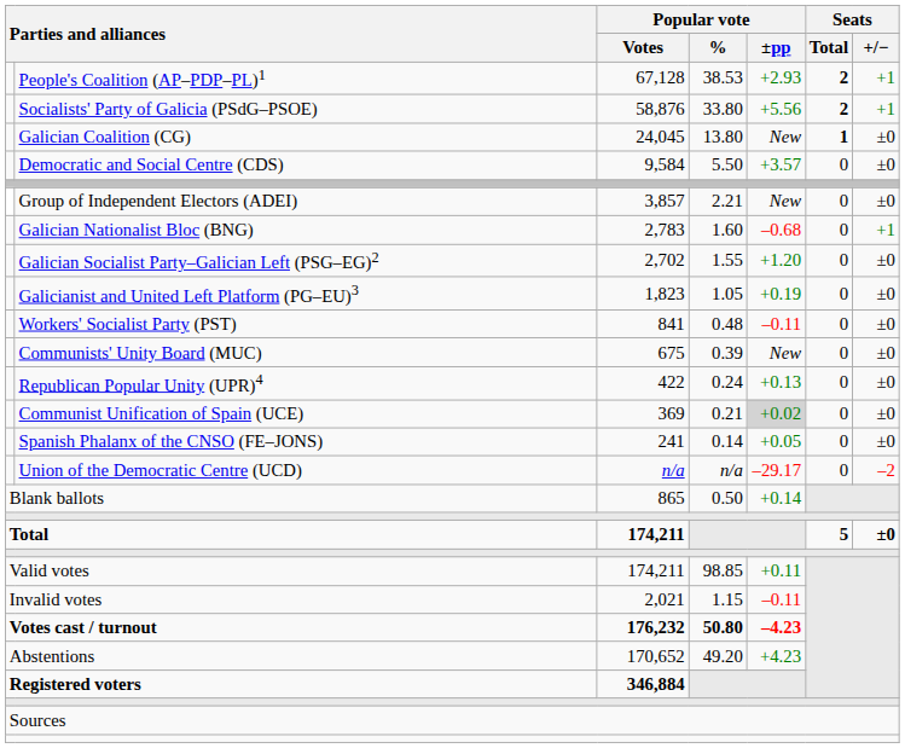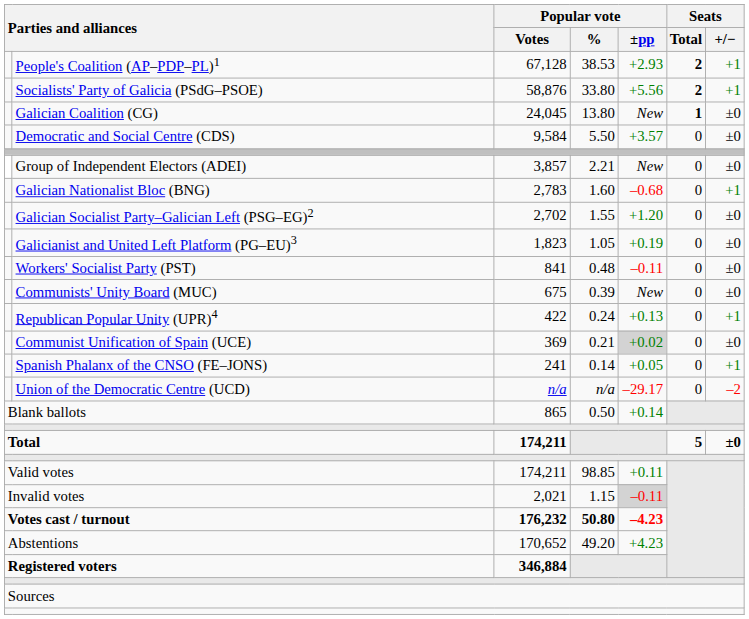 <table class="wikitable" style="text-align:right;">
 <tr>
 <th style="text-align:left;" rowspan="2" colspan="2" width="525">Parties and alliances</th>
 <th colspan="3">Popular vote</th>
 <th colspan="2">Seats</th>
 </tr>
 <tr>
 <th width="75">Votes</th>
 <th width="45">%</th>
 <th width="45">±<a href='#'>pp</a></th>
 <th width="35">Total</th>
 <th width="35">+/−</th>
 </tr>
 <tr>
 <td width="1" style="color:inherit;background:"></td>
 <td align="left"><a href='#'>People's Coalition</a> (<a href='#'>AP</a>–<a href='#'>PDP</a>–<a href='#'>PL</a>)<sup>1</sup></td>
 <td>67,128</td>
 <td>38.53</td>
 <td style="color:green;">+2.93</td>
 <td><strong>2</strong></td>
 <td style="color:green;">+1</td>
 </tr>
 <tr>
 <td style="color:inherit;background:"></td>
 <td align="left"><a href='#'>Socialists' Party of Galicia</a> (PSdG–PSOE)</td>
 <td>58,876</td>
 <td>33.80</td>
 <td style="color:green;">+5.56</td>
 <td><strong>2</strong></td>
 <td style="color:green;">+1</td>
 </tr>
 <tr>
 <td style="color:inherit;background:"></td>
 <td align="left"><a href='#'>Galician Coalition</a> (CG)</td>
 <td>24,045</td>
 <td>13.80</td>
 <td><em>New</em></td>
 <td><strong>1</strong></td>
 <td>±0</td>
 </tr>
 <tr>
 <td style="color:inherit;background:"></td>
 <td align="left"><a href='#'>Democratic and Social Centre</a> (CDS)</td>
 <td>9,584</td>
 <td>5.50</td>
 <td style="color:green;">+3.57</td>
 <td>0</td>
 <td>±0</td>
 </tr>
 <tr>
 <td colspan="7" bgcolor="#C0C0C0"></td>
 </tr>
 <tr>
 <td bgcolor="white"></td>
 <td align="left">Group of Independent Electors (ADEI)</td>
 <td>3,857</td>
 <td>2.21</td>
 <td><em>New</em></td>
 <td>0</td>
 <td>±0</td>
 </tr>
 <tr>
 <td style="color:inherit;background:"></td>
 <td align="left"><a href='#'>Galician Nationalist Bloc</a> (BNG)</td>
 <td>2,783</td>
 <td>1.60</td>
 <td style="color:red;">–0.68</td>
 <td>0</td>
 <td style="color:green;">+1</td>
 </tr>
 <tr>
 <td style="color:inherit;background:"></td>
 <td align="left"><a href='#'>Galician Socialist Party–Galician Left</a> (PSG–EG)<sup>2</sup></td>
 <td>2,702</td>
 <td>1.55</td>
 <td style="color:green;">+1.20</td>
 <td>0</td>
 <td>±0</td>
 </tr>
 <tr>
 <td style="color:inherit;background:"></td>
 <td align="left"><a href='#'>Galicianist and United Left Platform</a> (PG–EU)<sup>3</sup></td>
 <td>1,823</td>
 <td>1.05</td>
 <td style="color:green;">+0.19</td>
 <td>0</td>
 <td>±0</td>
 </tr>
 <tr>
 <td style="color:inherit;background:"></td>
 <td align="left"><a href='#'>Workers' Socialist Party</a> (PST)</td>
 <td>841</td>
 <td>0.48</td>
 <td style="color:red;">–0.11</td>
 <td>0</td>
 <td>±0</td>
 </tr>
 <tr>
 <td style="color:inherit;background:"></td>
 <td align="left"><a href='#'>Communists' Unity Board</a> (MUC)</td>
 <td>675</td>
 <td>0.39</td>
 <td><em>New</em></td>
 <td>0</td>
 <td>±0</td>
 </tr>
 <tr>
 <td style="color:inherit;background:"></td>
 <td align="left"><a href='#'>Republican Popular Unity</a> (UPR)<sup>4</sup></td>
 <td>422</td>
 <td>0.24</td>
 <td style="color:green;">+0.13</td>
 <td>0</td>
-<td>±0</td>
+<td style="color:green;">+1</td>
 </tr>
 <tr>
 <td style="color:inherit;background:"></td>
 <td align="left"><a href='#'>Communist Unification of Spain</a> (UCE)</td>
 <td>369</td>
 <td>0.21</td>
 <td style="background: lightgrey; color:green;">+0.02</td>
 <td>0</td>
 <td>±0</td>
 </tr>
 <tr>
 <td style="color:inherit;background:"></td>
 <td align="left"><a href='#'>Spanish Phalanx of the CNSO</a> (FE–JONS)</td>
 <td>241</td>
 <td>0.14</td>
 <td style="color:green;">+0.05</td>
 <td>0</td>
-<td>±0</td>
+<td style="color:green;">+1</td>
 </tr>
 <tr>
 <td style="color:inherit;background:"></td>
 <td align="left"><a href='#'>Union of the Democratic Centre</a> (UCD)</td>
 <td><em><a href='#'>n/a</a></em></td>
 <td><em>n/a</em></td>
 <td style="color:red;">–29.17</td>
 <td>0</td>
 <td style="color:red;">–2</td>
 </tr>
 <tr>
 <td align="left" colspan="2">Blank ballots</td>
 <td>865</td>
 <td>0.50</td>
 <td style="color:green;">+0.14</td>
 <td bgcolor="#E9E9E9" colspan="2"></td>
 </tr>
 <tr>
 <td colspan="7" bgcolor="#E9E9E9"></td>
 </tr>
 <tr style="font-weight:bold;">
 <td align="left" colspan="2">Total</td>
 <td>174,211</td>
 <td bgcolor="#E9E9E9" colspan="2"></td>
 <td>5</td>
 <td>±0</td>
 </tr>
 <tr>
 <td colspan="7" bgcolor="#E9E9E9"></td>
 </tr>
 <tr>
 <td align="left" colspan="2">Valid votes</td>
 <td>174,211</td>
 <td>98.85</td>
 <td style="color:green;">+0.11</td>
 <td bgcolor="#E9E9E9" colspan="2" rowspan="5"></td>
 </tr>
 <tr>
 <td align="left" colspan="2">Invalid votes</td>
 <td>2,021</td>
 <td>1.15</td>
-<td style="color:red;">–0.11</td>
+<td style="background: lightgrey; color:red;">–0.11</td>
 </tr>
 <tr style="font-weight:bold;">
 <td align="left" colspan="2">Votes cast / turnout</td>
 <td>176,232</td>
 <td>50.80</td>
 <td style="color:red;">–4.23</td>
 </tr>
 <tr>
 <td align="left" colspan="2">Abstentions</td>
 <td>170,652</td>
 <td>49.20</td>
 <td style="color:green;">+4.23</td>
 </tr>
 <tr style="font-weight:bold;">
 <td align="left" colspan="2">Registered voters</td>
 <td>346,884</td>
 <td bgcolor="#E9E9E9" colspan="2"></td>
 </tr>
 <tr>
 <td colspan="7" bgcolor="#E9E9E9"></td>
 </tr>
 <tr>
 <td align="left" colspan="7">Sources</td>
 </tr>
 <tr>
 <td colspan="7" style="text-align:left; max-width:790px;"></td>
 </tr>
 </table>
